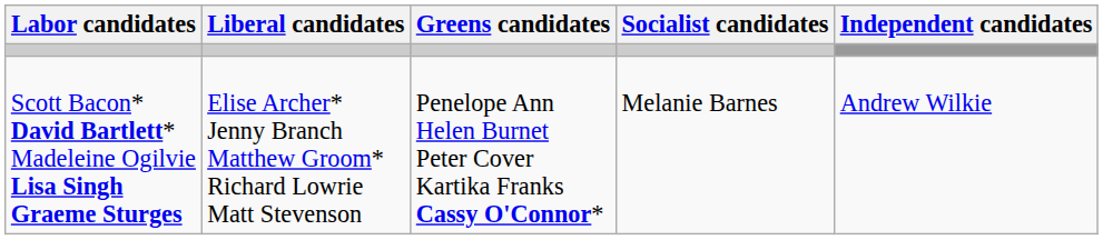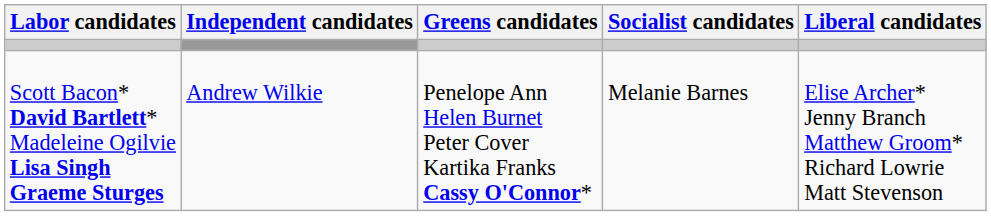 <table class="wikitable">
 <tr>
 <th><a href='#'>Labor</a> candidates</th>
-<th><a href='#'>Liberal</a> candidates</th>
+<th><a href='#'>Independent</a> candidates</th>
 <th><a href='#'>Greens</a> candidates</th>
 <th><a href='#'>Socialist</a> candidates</th>
-<th><a href='#'>Independent</a> candidates</th>
+<th><a href='#'>Liberal</a> candidates</th>
 </tr>
 <tr bgcolor="#cccccc">
 <td></td>
+<td bgcolor="#999999"></td>
 <td></td>
 <td></td>
 <td></td>
-<td bgcolor="#999999"></td>
 </tr>
 <tr>
 <td><br><a href='#'>Scott Bacon</a>*<br> <strong><a href='#'>David Bartlett</a></strong>*<br> <a href='#'>Madeleine Ogilvie</a><br> <strong><a href='#'>Lisa Singh</a></strong><br> <strong><a href='#'>Graeme Sturges</a></strong></td>
-<td><br><a href='#'>Elise Archer</a>*<br> Jenny Branch<br> <a href='#'>Matthew Groom</a>*<br> Richard Lowrie<br> Matt Stevenson</td>
+<td valign=top><br><a href='#'>Andrew Wilkie</a></td>
 <td><br>Penelope Ann<br> <a href='#'>Helen Burnet</a><br> Peter Cover<br> Kartika Franks<br> <strong><a href='#'>Cassy O'Connor</a></strong>*</td>
 <td valign=top><br>Melanie Barnes</td>
-<td valign=top><br><a href='#'>Andrew Wilkie</a></td>
+<td><br><a href='#'>Elise Archer</a>*<br> Jenny Branch<br> <a href='#'>Matthew Groom</a>*<br> Richard Lowrie<br> Matt Stevenson</td>
 </tr>
 </table>
